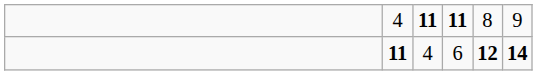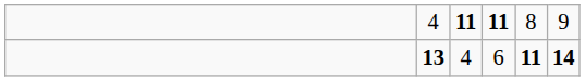 <table class="wikitable">
 <tr>
 <td style="width:18em"></td>
 <td align=center style="width:1em">4</td>
 <td align=center style="width:1em"><strong>11</strong></td>
 <td align=center style="width:1em"><strong>11</strong></td>
 <td align=center style="width:1em">8</td>
 <td align=center style="width:1em">9</td>
 </tr>
 <tr>
 <td style="width:18em"></td>
-<td align=center style="width:1em"><strong>11</strong></td>
+<td align=center style="width:1em"><strong>13</strong></td>
 <td align=center style="width:1em">4</td>
 <td align=center style="width:1em">6</td>
-<td align=center style="width:1em"><strong>12</strong></td>
+<td align=center style="width:1em"><strong>11</strong></td>
 <td align=center style="width:1em"><strong>14</strong></td>
 </tr>
 </table>
